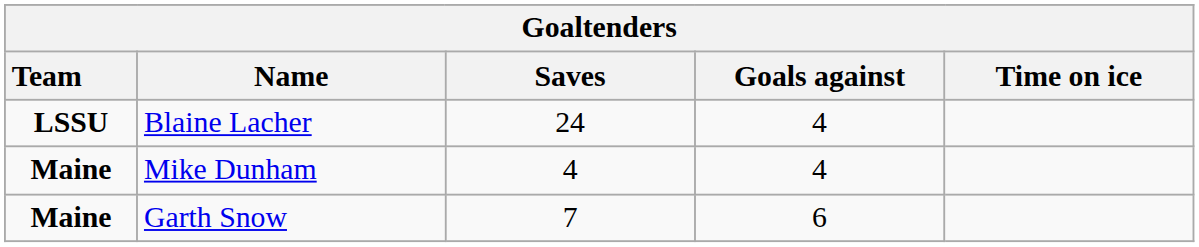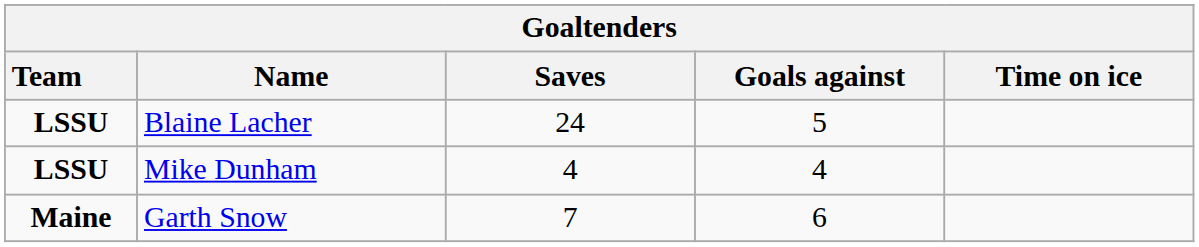 <table class="wikitable" style="width:40em; text-align:right;">
 <tr>
 <th colspan=5>Goaltenders</th>
 </tr>
 <tr>
 <th style="width:4em; text-align:left;">Team</th>
 <th style="width:10em;">Name</th>
 <th style="width:8em;">Saves</th>
 <th style="width:8em;">Goals against</th>
 <th style="width:8em;">Time on ice</th>
 </tr>
 <tr>
 <td align=center><strong>LSSU</strong></td>
 <td style="text-align:left;"><a href='#'>Blaine Lacher</a></td>
 <td align=center>24</td>
-<td align=center>4</td>
+<td align=center>5</td>
 <td align=center></td>
 </tr>
 <tr>
-<td align=center><strong>Maine</strong></td>
+<td align=center><strong>LSSU</strong></td>
 <td style="text-align:left;"><a href='#'>Mike Dunham</a></td>
 <td align=center>4</td>
 <td align=center>4</td>
 <td align=center></td>
 </tr>
 <tr>
 <td align=center><strong>Maine</strong></td>
 <td style="text-align:left;"><a href='#'>Garth Snow</a></td>
 <td align=center>7</td>
 <td align=center>6</td>
 <td align=center></td>
 </tr>
 </table>
